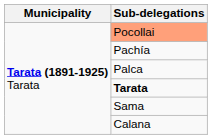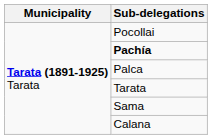 <table class="wikitable">
 <tr>
 <th>Municipality</th>
 <th>Sub-delegations</th>
 </tr>
 <tr>
 <td rowspan=6><strong><a href='#'>Tarata</a> (1891-1925)</strong><br>Tarata<br></td>
-<td style="background: lightsalmon;">Pocollai</td>
+<td>Pocollai</td>
 </tr>
 <tr>
-<td>Pachía</td>
+<td><strong>Pachía</strong></td>
 </tr>
 <tr>
 <td>Palca</td>
 </tr>
 <tr>
-<td><strong>Tarata</strong></td>
+<td>Tarata</td>
 </tr>
 <tr>
 <td>Sama</td>
 </tr>
 <tr>
 <td>Calana</td>
 </tr>
 </table>
